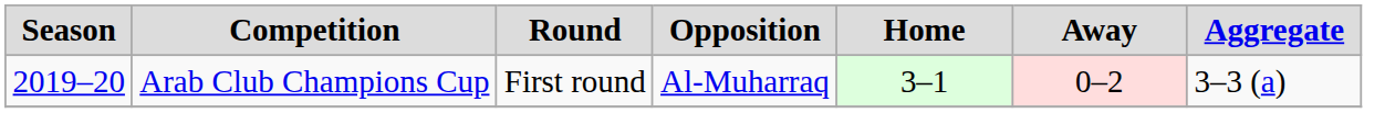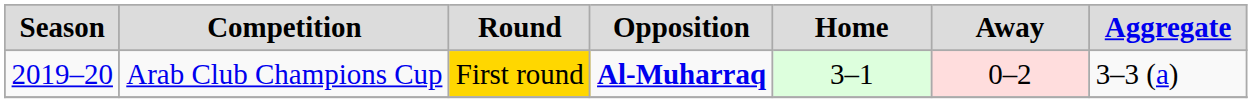 <table class="sortable plainrowheaders wikitable">
 <tr>
 <th style="background:#DCDCDC">Season</th>
 <th style="background:#DCDCDC">Competition</th>
 <th style="background:#DCDCDC">Round</th>
 <th style="background:#DCDCDC">Opposition</th>
 <th width="80" style="background:#DCDCDC">Home</th>
 <th width="80" style="background:#DCDCDC">Away</th>
 <th width="80" style="background:#DCDCDC"><a href='#'>Aggregate</a></th>
 </tr>
 <tr>
 <td><a href='#'>2019–20</a></td>
 <td><a href='#'>Arab Club Champions Cup</a></td>
-<td align=left>First round</td>
-<td align=left> <a href='#'>Al-Muharraq</a></td>
+<td align=left style="background: gold;">First round</td>
+<td align=left><strong> <a href='#'>Al-Muharraq</a></strong></td>
 <td style="background:#dfd; text-align:center">3–1</td>
 <td style="background:#fdd; text-align:center">0–2</td>
 <td>3–3 (<a href='#'>a</a>)</td>
 </tr>
 <tr>
 </tr>
 </table>
